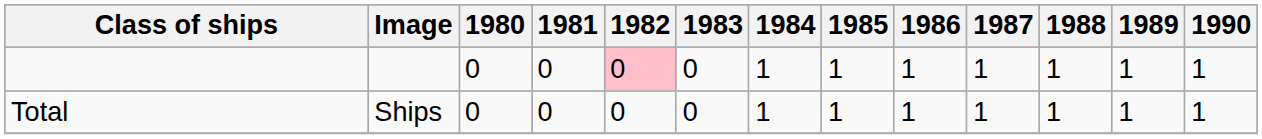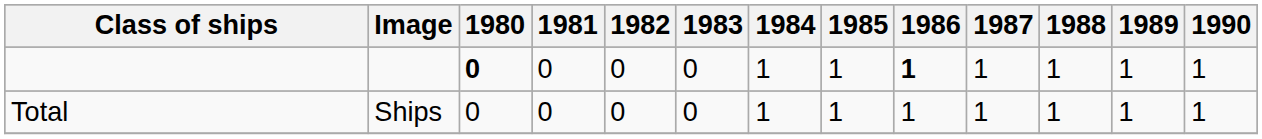 <table class="wikitable sortable collapsible collapsed">
 <tr>
 <th style="width:29%;">Class of ships</th>
 <th>Image</th>
 <th>1980</th>
 <th>1981</th>
 <th>1982</th>
 <th>1983</th>
 <th>1984</th>
 <th>1985</th>
 <th>1986</th>
 <th>1987</th>
 <th>1988</th>
 <th>1989</th>
 <th>1990</th>
 </tr>
 <tr valign="top">
 <td></td>
 <td></td>
+<td><strong>0</strong></td>
 <td>0</td>
 <td>0</td>
-<td style="background: pink;">0</td>
 <td>0</td>
 <td>1</td>
 <td>1</td>
-<td>1</td>
+<td><strong>1</strong></td>
 <td>1</td>
 <td>1</td>
 <td>1</td>
 <td>1</td>
 </tr>
 <tr valign="top">
 <td>Total</td>
 <td>Ships</td>
 <td>0</td>
 <td>0</td>
 <td>0</td>
 <td>0</td>
 <td>1</td>
 <td>1</td>
 <td>1</td>
 <td>1</td>
 <td>1</td>
 <td>1</td>
 <td>1</td>
 </tr>
 <tr>
 </tr>
 </table>
